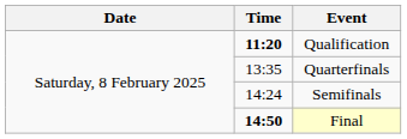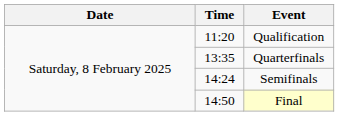 <table class = "wikitable" style="text-align:center;">
 <tr>
 <th width=220>Date</th>
 <th width=50>Time</th>
 <th width=100>Event</th>
 </tr>
 <tr>
 <td rowspan=4>Saturday, 8 February 2025</td>
-<td><strong>11:20</strong></td>
+<td>11:20</td>
 <td>Qualification</td>
 </tr>
 <tr>
 <td>13:35</td>
 <td>Quarterfinals</td>
 </tr>
 <tr>
 <td>14:24</td>
 <td>Semifinals</td>
 </tr>
 <tr>
-<td><strong>14:50</strong></td>
+<td>14:50</td>
 <td bgcolor=ffffcc>Final</td>
 </tr>
 </table>
